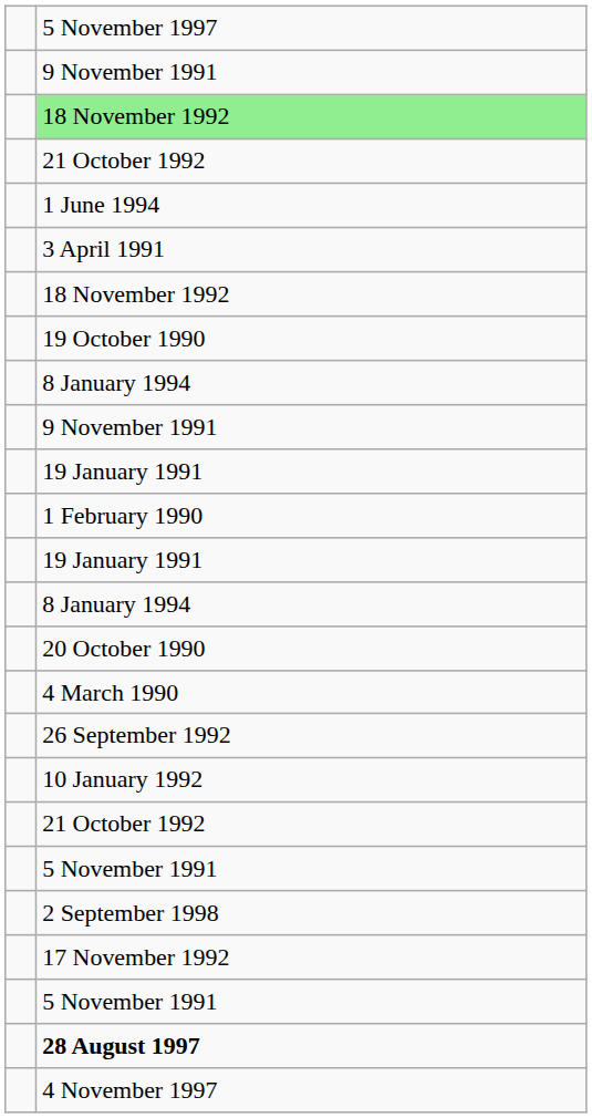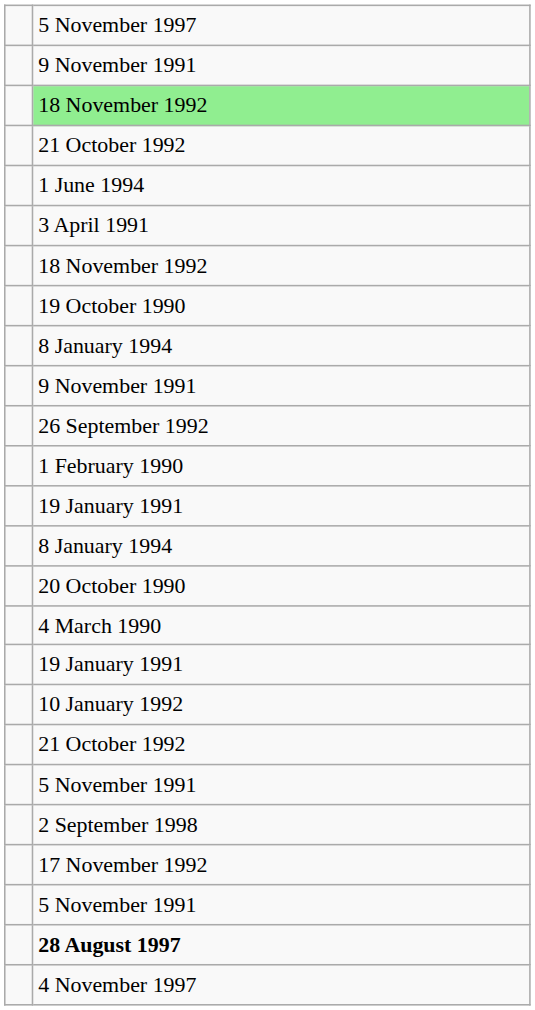 <table class="wikitable" style="font-size: 89%; float: left; width: 24em; margin-right: 1em;height: 650px;">
 <tr>
 <td></td>
 <td>5 November 1997</td>
 </tr>
 <tr>
 <td></td>
 <td>9 November 1991</td>
 </tr>
 <tr>
 <td></td>
 <td style="background: lightgreen;">18 November 1992</td>
 </tr>
 <tr>
 <td></td>
 <td>21 October 1992</td>
 </tr>
 <tr>
 <td></td>
 <td>1 June 1994</td>
 </tr>
 <tr>
 <td></td>
 <td>3 April 1991</td>
 </tr>
 <tr>
 <td></td>
 <td>18 November 1992</td>
 </tr>
 <tr>
 <td></td>
 <td>19 October 1990</td>
 </tr>
 <tr>
 <td></td>
 <td>8 January 1994</td>
 </tr>
 <tr>
 <td></td>
 <td>9 November 1991</td>
 </tr>
 <tr>
 <td></td>
-<td>19 January 1991</td>
+<td>26 September 1992</td>
 </tr>
 <tr>
 <td></td>
 <td>1 February 1990</td>
 </tr>
 <tr>
 <td></td>
 <td>19 January 1991</td>
 </tr>
 <tr>
 <td></td>
 <td>8 January 1994</td>
 </tr>
 <tr>
 <td></td>
 <td>20 October 1990</td>
 </tr>
 <tr>
 <td></td>
 <td>4 March 1990</td>
 </tr>
 <tr>
 <td></td>
-<td>26 September 1992</td>
+<td>19 January 1991</td>
 </tr>
 <tr>
 <td></td>
 <td>10 January 1992</td>
 </tr>
 <tr>
 <td></td>
 <td>21 October 1992</td>
 </tr>
 <tr>
 <td></td>
 <td>5 November 1991</td>
 </tr>
 <tr>
 <td></td>
 <td>2 September 1998</td>
 </tr>
 <tr>
 <td></td>
 <td>17 November 1992</td>
 </tr>
 <tr>
 <td></td>
 <td>5 November 1991</td>
 </tr>
 <tr>
 <td></td>
 <td><strong>28 August 1997</strong></td>
 </tr>
 <tr>
 <td></td>
 <td>4 November 1997</td>
 </tr>
 </table>
